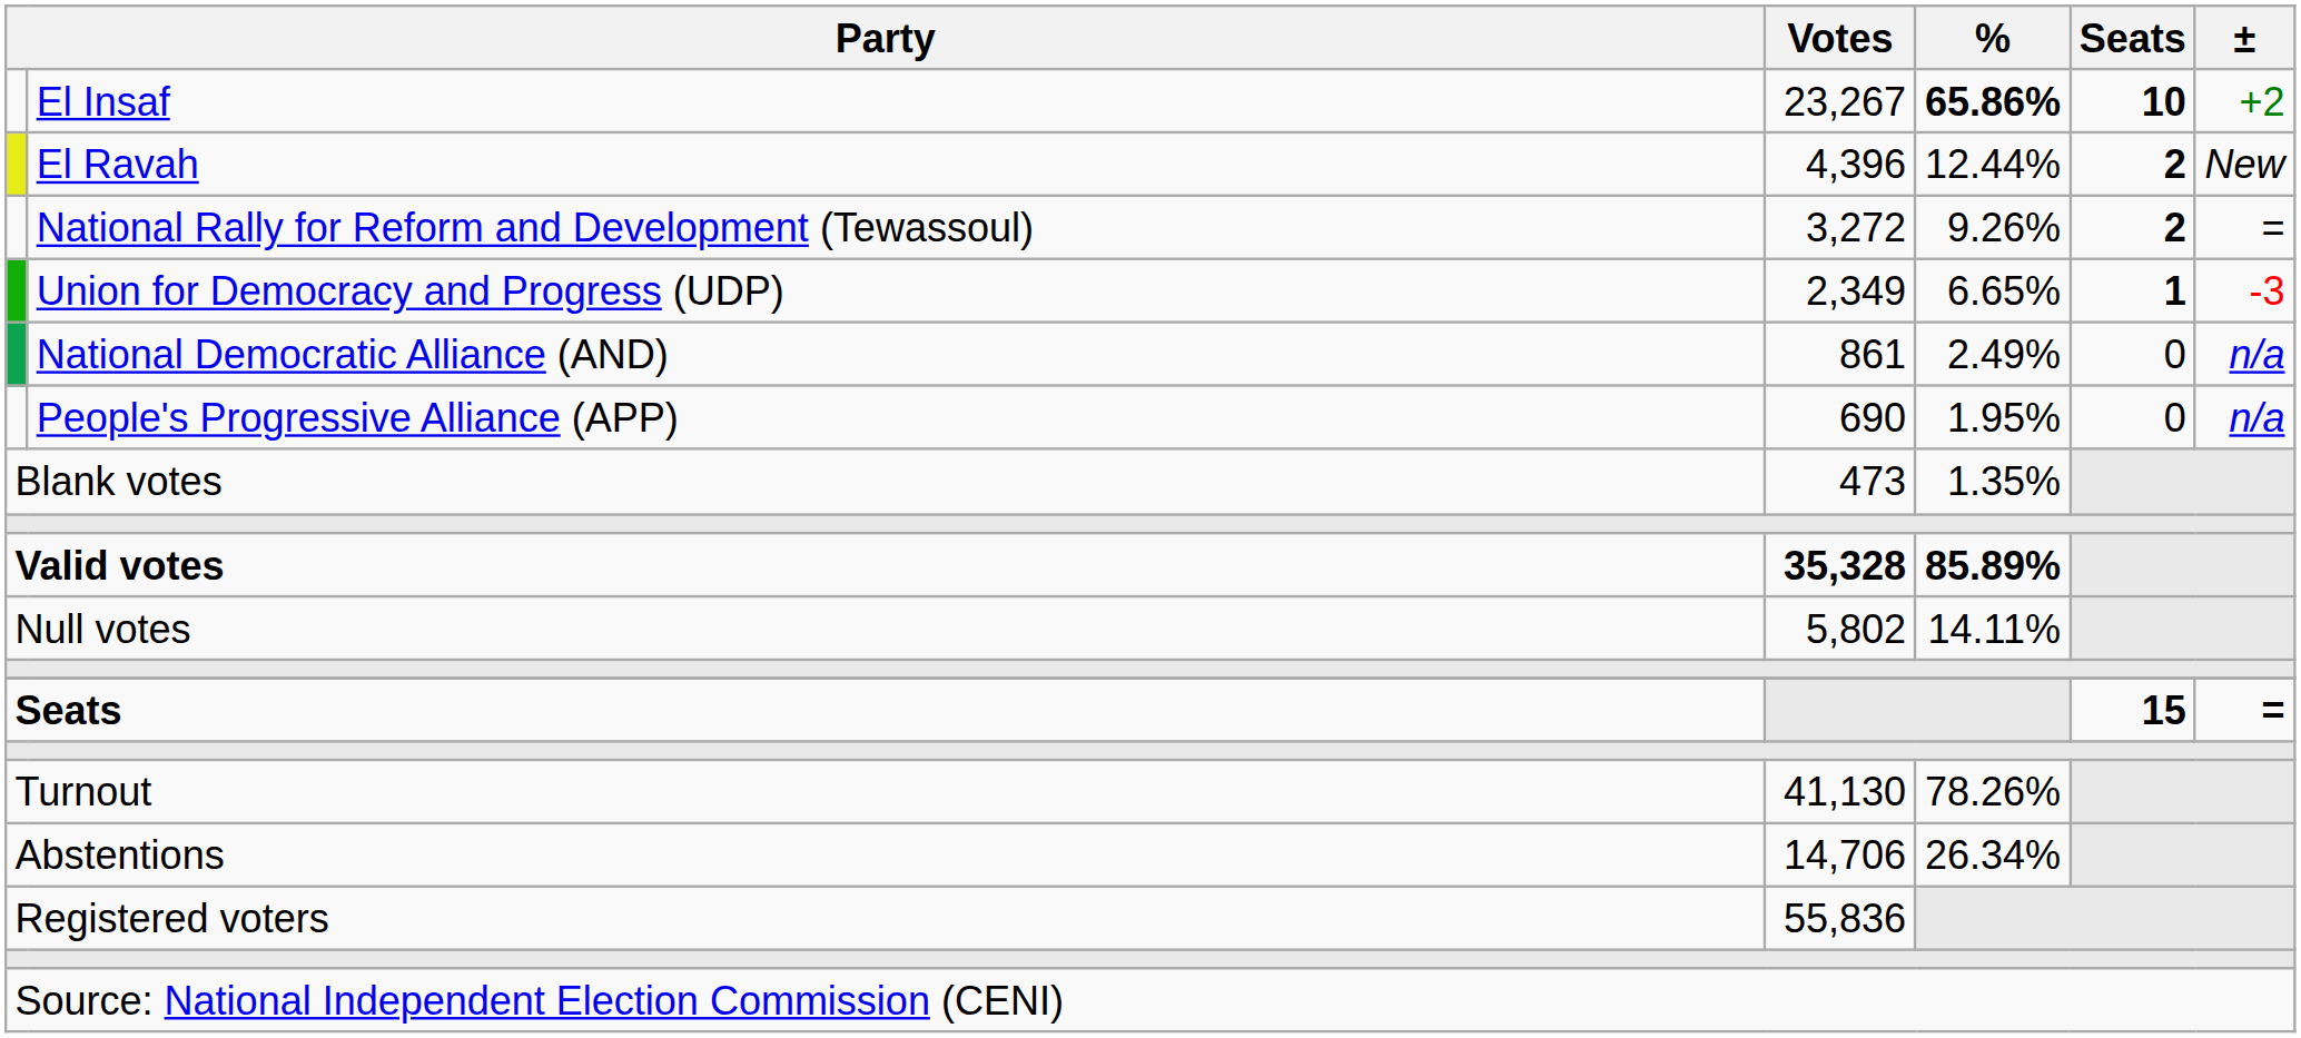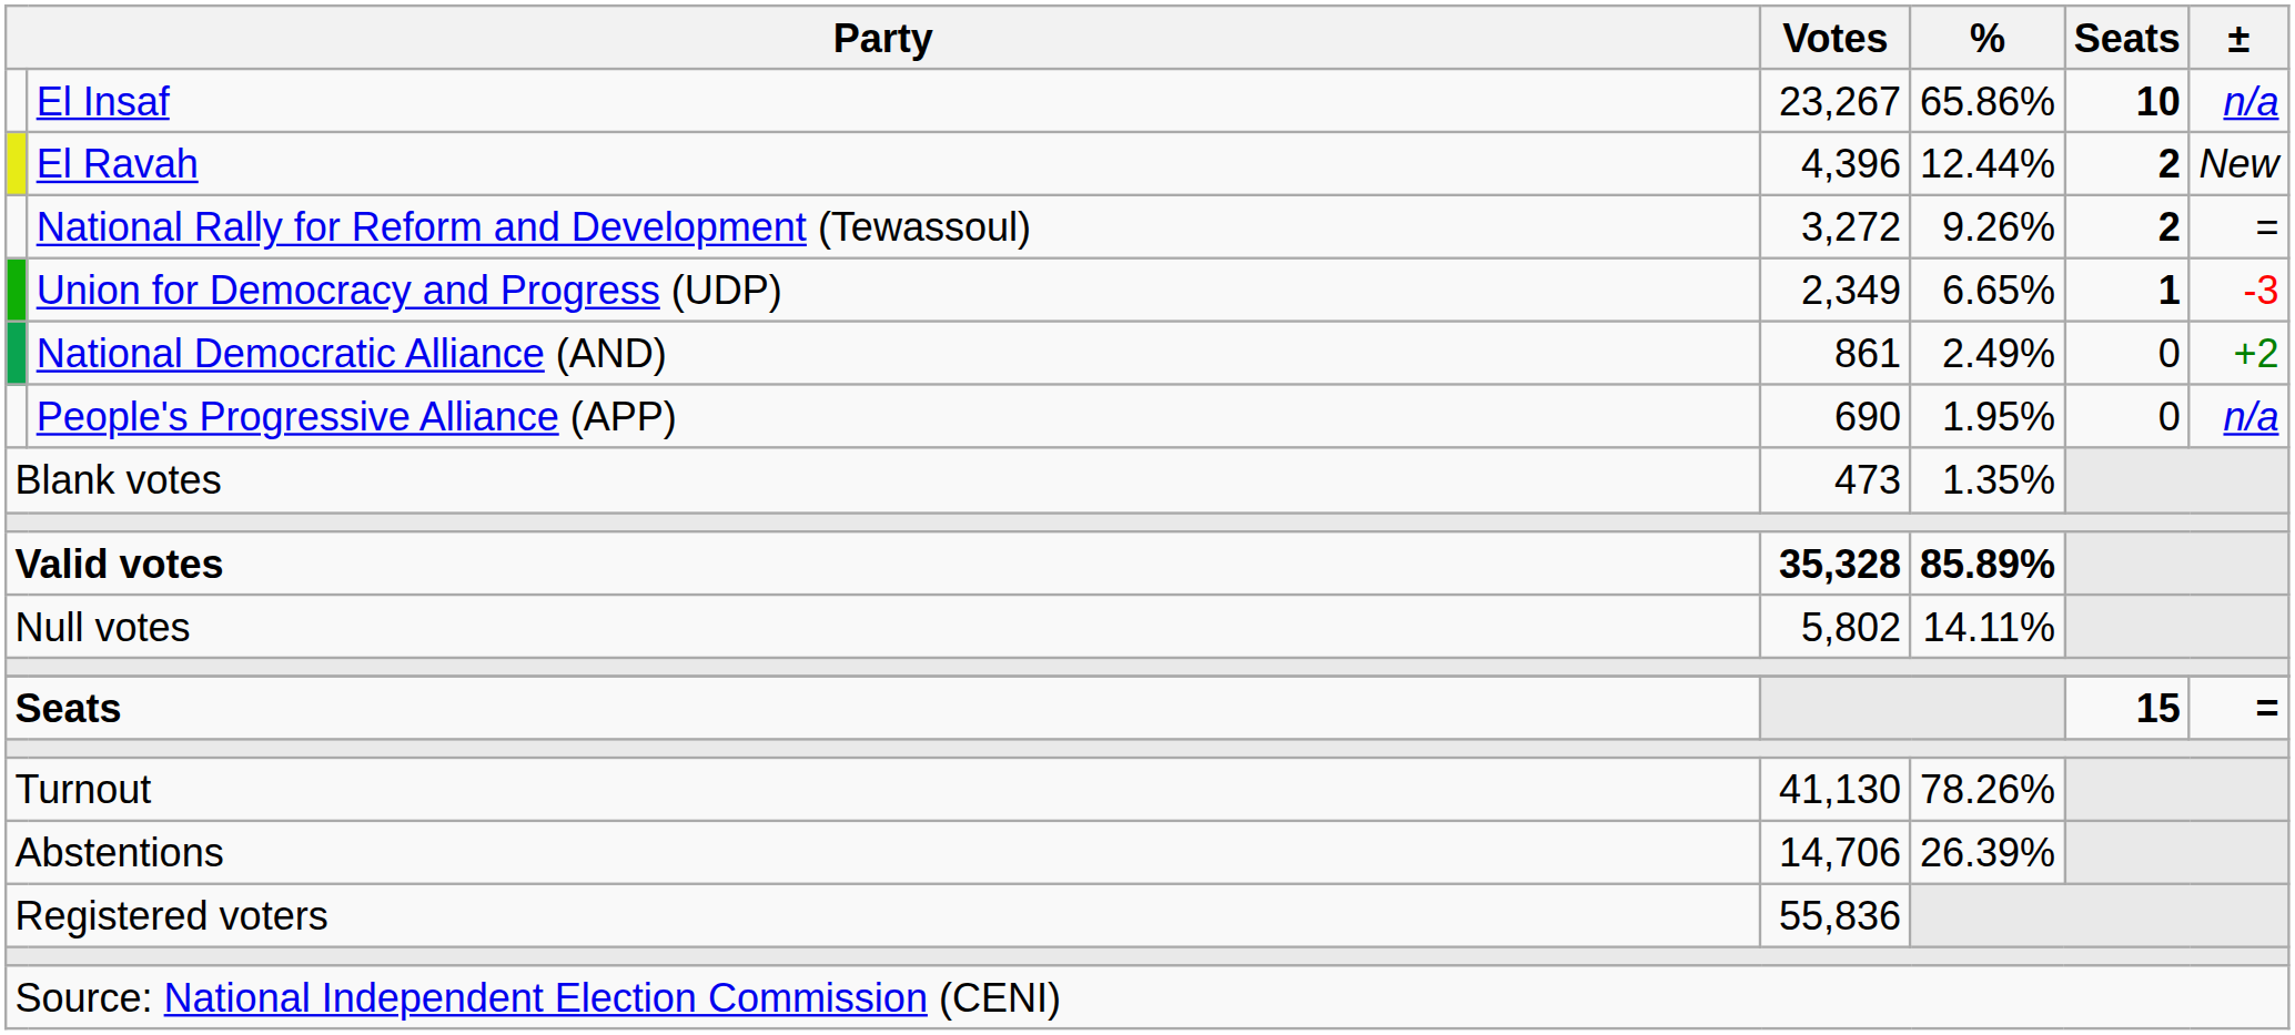 <table class="wikitable" style="text-align:right;font-size:95%;">
 <tr>
 <th width="700" colspan="2">Party</th>
 <th width="50">Votes</th>
 <th width="50">%</th>
 <th width="25">Seats</th>
 <th width="20">±</th>
 </tr>
 <tr>
 <td width="1" style="color:inherit;background:"></td>
 <td style="text-align:left;"><a href='#'>El Insaf</a></td>
 <td>23,267</td>
-<td><strong>65.86%</strong></td>
+<td>65.86%</td>
 <td><strong>10</strong></td>
-<td style="color:green;">+2</td>
+<td><em><a href='#'>n/a</a></em></td>
 </tr>
 <tr>
 <td width="1" style="color:inherit;background:#E7EB16;"></td>
 <td style="text-align:left;"><a href='#'>El Ravah</a></td>
 <td>4,396</td>
 <td>12.44%</td>
 <td><strong>2</strong></td>
 <td><em>New</em></td>
 </tr>
 <tr>
 <td width="1" style="color:inherit;background:"></td>
 <td style="text-align:left;"><a href='#'>National Rally for Reform and Development</a> (Tewassoul)</td>
 <td>3,272</td>
 <td>9.26%</td>
 <td><strong>2</strong></td>
 <td>=</td>
 </tr>
 <tr>
 <td width="1" style="color:inherit;background:#0FAF05;"></td>
 <td style="text-align:left;"><a href='#'>Union for Democracy and Progress</a> (UDP)</td>
 <td>2,349</td>
 <td>6.65%</td>
 <td><strong>1</strong></td>
 <td style="color:red;">-3</td>
 </tr>
 <tr>
 <td width="1" style="color:inherit;background:#0AA450;"></td>
 <td style="text-align:left;"><a href='#'>National Democratic Alliance</a> (AND)</td>
 <td>861</td>
 <td>2.49%</td>
 <td>0</td>
-<td><em><a href='#'>n/a</a></em></td>
+<td style="color:green;">+2</td>
 </tr>
 <tr>
 <td width="1" style="color:inherit;background:"></td>
 <td style="text-align:left;"><a href='#'>People's Progressive Alliance</a> (APP)</td>
 <td>690</td>
 <td>1.95%</td>
 <td>0</td>
 <td><em><a href='#'>n/a</a></em></td>
 </tr>
 <tr>
 <td colspan="2" style="text-align:left;">Blank votes</td>
 <td>473</td>
 <td>1.35%</td>
 <td colspan="2" style="background:#E9E9E9;"></td>
 </tr>
 <tr>
 <td colspan="6" style="background:#E9E9E9;"></td>
 </tr>
 <tr style="font-weight:bold;">
 <td colspan="2" style="text-align:left;">Valid votes</td>
 <td>35,328</td>
 <td>85.89%</td>
 <td colspan="2" style="background:#E9E9E9;"></td>
 </tr>
 <tr>
 <td colspan="2" style="text-align:left;">Null votes</td>
 <td>5,802</td>
 <td>14.11%</td>
 <td colspan="2" style="background:#E9E9E9;"></td>
 </tr>
 <tr>
 <td colspan="6" style="background:#E9E9E9;"></td>
 </tr>
 <tr>
 </tr>
 <tr style="font-weight:bold;">
 <td colspan="2" style="text-align:left;">Seats</td>
 <td colspan="2" style="background:#E9E9E9;"></td>
 <td>15</td>
 <td>=</td>
 </tr>
 <tr>
 <td colspan="6" style="background:#E9E9E9;"></td>
 </tr>
 <tr>
 <td colspan="2" style="text-align:left;">Turnout</td>
 <td>41,130</td>
 <td>78.26%</td>
 <td colspan="2" style="background:#E9E9E9;"></td>
 </tr>
 <tr>
 <td colspan="2" style="text-align:left;">Abstentions</td>
 <td>14,706</td>
-<td>26.34%</td>
+<td>26.39%</td>
 <td colspan="2" style="background:#E9E9E9;"></td>
 </tr>
 <tr>
 <td colspan="2" style="text-align:left;">Registered voters</td>
 <td>55,836</td>
 <td colspan="3" style="background:#E9E9E9;"></td>
 </tr>
 <tr>
 <td colspan="6" style="background:#E9E9E9;"></td>
 </tr>
 <tr>
 <td colspan="6" style="text-align:left;">Source: <a href='#'>National Independent Election Commission</a> (CENI)</td>
 </tr>
 </table>
